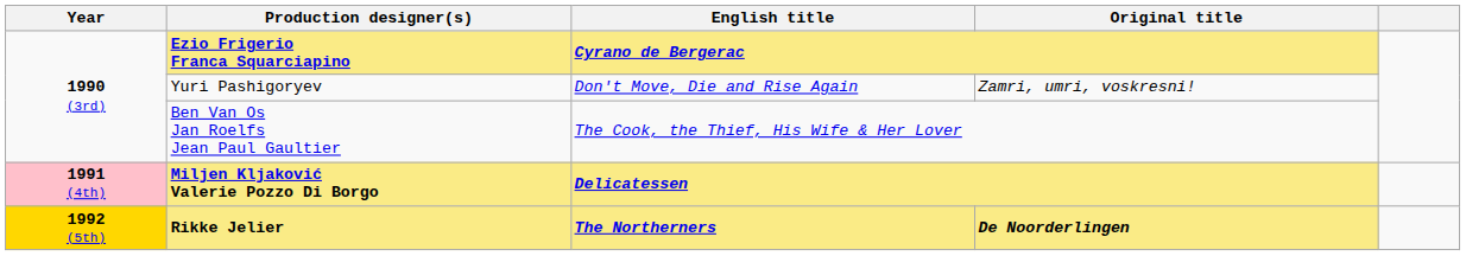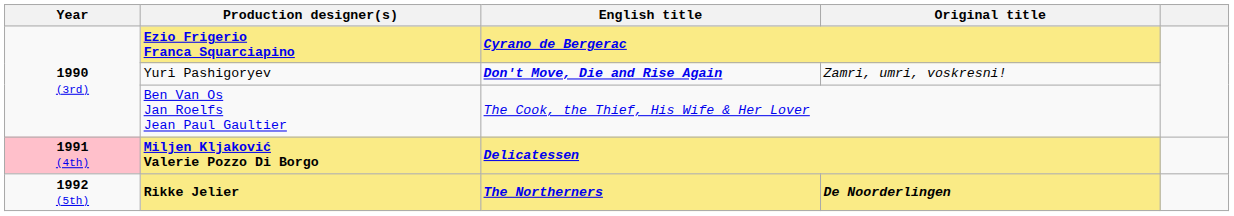 <table class="wikitable" width="95%" cellpadding="5">
 <tr>
 <th width="10%">Year</th>
 <th width="25%">Production designer(s)</th>
 <th width="25%">English title</th>
 <th width="25%">Original title</th>
 <th width="5%"></th>
 </tr>
 <tr>
 <td rowspan="3" style="text-align:center;"><strong>1990</strong><br><small><a href='#'>(3rd)</a></small></td>
 <td style="background:#FAEB86;"> <strong><a href='#'>Ezio Frigerio</a></strong><br> <strong><a href='#'>Franca Squarciapino</a></strong></td>
 <td colspan="2" style="background:#FAEB86;"><strong><em><a href='#'>Cyrano de Bergerac</a></em></strong></td>
 <td rowspan="3"></td>
 </tr>
 <tr>
 <td> Yuri Pashigoryev</td>
-<td><em><a href='#'>Don't Move, Die and Rise Again</a></em></td>
+<td><strong><em><a href='#'>Don't Move, Die and Rise Again</a></em></strong></td>
 <td><em>Zamri, umri, voskresni!</em></td>
 </tr>
 <tr>
 <td> <a href='#'>Ben Van Os</a><br> <a href='#'>Jan Roelfs</a><br> <a href='#'>Jean Paul Gaultier</a></td>
 <td colspan="2"><em><a href='#'>The Cook, the Thief, His Wife & Her Lover</a></em></td>
 </tr>
 <tr>
 <td style="background: pink; text-align:center;"><strong>1991</strong><br><small><a href='#'>(4th)</a></small></td>
 <td style="background:#FAEB86;"> <strong><a href='#'>Miljen Kljaković</a></strong><br> <strong>Valerie Pozzo Di Borgo</strong></td>
 <td colspan="2" style="background:#FAEB86;"><strong><em><a href='#'>Delicatessen</a></em></strong></td>
 <td></td>
 </tr>
 <tr>
-<td style="background: gold; text-align:center;"><strong>1992</strong><br><small><a href='#'>(5th)</a></small></td>
+<td style="text-align:center;"><strong>1992</strong><br><small><a href='#'>(5th)</a></small></td>
 <td style="background:#FAEB86;"> <strong>Rikke Jelier</strong></td>
 <td style="background:#FAEB86;"><strong><em><a href='#'>The Northerners</a></em></strong></td>
 <td style="background:#FAEB86;"><strong><em>De Noorderlingen</em></strong></td>
 <td></td>
 </tr>
 </table>
